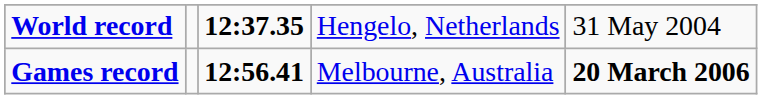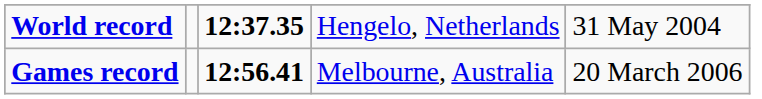 <table class="wikitable">
 <tr>
 <td><a href='#'><strong>World record</strong></a></td>
 <td></td>
 <td><strong>12:37.35</strong></td>
 <td><a href='#'>Hengelo</a>, <a href='#'>Netherlands</a></td>
 <td>31 May 2004</td>
 </tr>
 <tr>
 <td><a href='#'><strong>Games record</strong></a></td>
 <td></td>
 <td><strong>12:56.41</strong></td>
 <td><a href='#'>Melbourne</a>, <a href='#'>Australia</a></td>
-<td><strong>20 March 2006</strong></td>
+<td>20 March 2006</td>
 </tr>
 </table>
